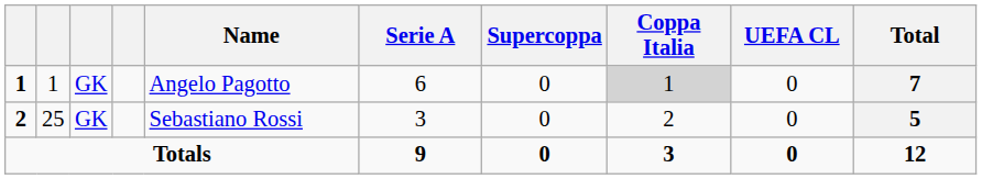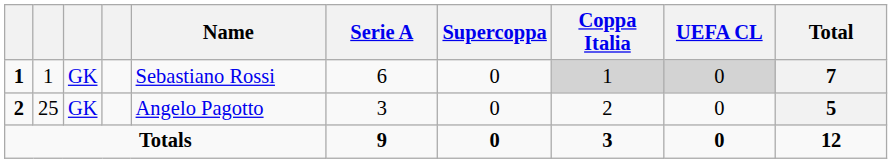 <table class="wikitable" style="text-align:center">
 <tr>
 <th width=15></th>
 <th width=15></th>
 <th width=15></th>
 <th width=15></th>
 <th width=145>Name</th>
 <th width=80><a href='#'>Serie A</a></th>
 <th width=80><a href='#'>Supercoppa</a></th>
 <th width=80><a href='#'>Coppa Italia</a></th>
 <th width=80><a href='#'>UEFA CL</a></th>
 <th width=80>Total</th>
 </tr>
 <tr>
 <td><strong>1</strong></td>
 <td>1</td>
 <td><a href='#'>GK</a></td>
 <td></td>
-<td align=left><a href='#'>Angelo Pagotto</a></td>
+<td align=left><a href='#'>Sebastiano Rossi</a></td>
 <td>6</td>
 <td>0</td>
 <td style="background: lightgrey;">1</td>
-<td>0</td>
+<td style="background: lightgrey;">0</td>
 <th>7</th>
 </tr>
 <tr>
 <td><strong>2</strong></td>
 <td>25</td>
 <td><a href='#'>GK</a></td>
 <td></td>
-<td align=left><a href='#'>Sebastiano Rossi</a></td>
+<td align=left><a href='#'>Angelo Pagotto</a></td>
 <td>3</td>
 <td>0</td>
 <td>2</td>
 <td>0</td>
 <th>5</th>
 </tr>
 <tr>
 <td colspan=5><strong>Totals</strong></td>
 <td><strong>9</strong></td>
 <td><strong>0</strong></td>
 <td><strong>3</strong></td>
 <td><strong>0</strong></td>
 <td><strong>12</strong></td>
 </tr>
 </table>
